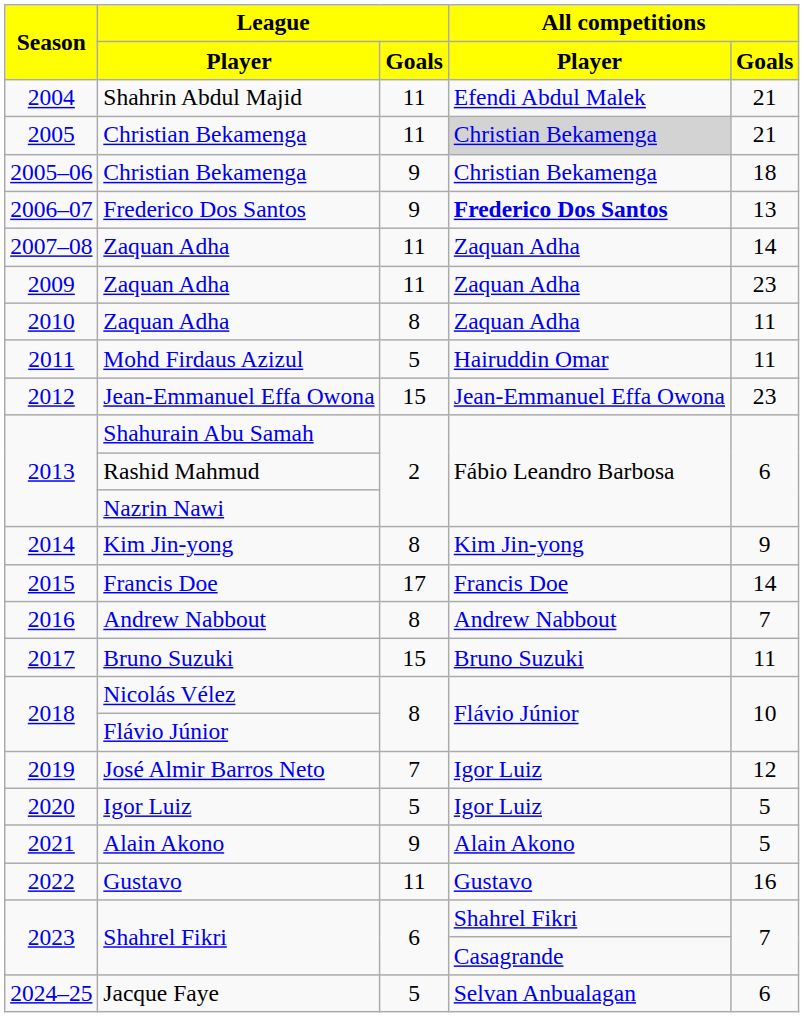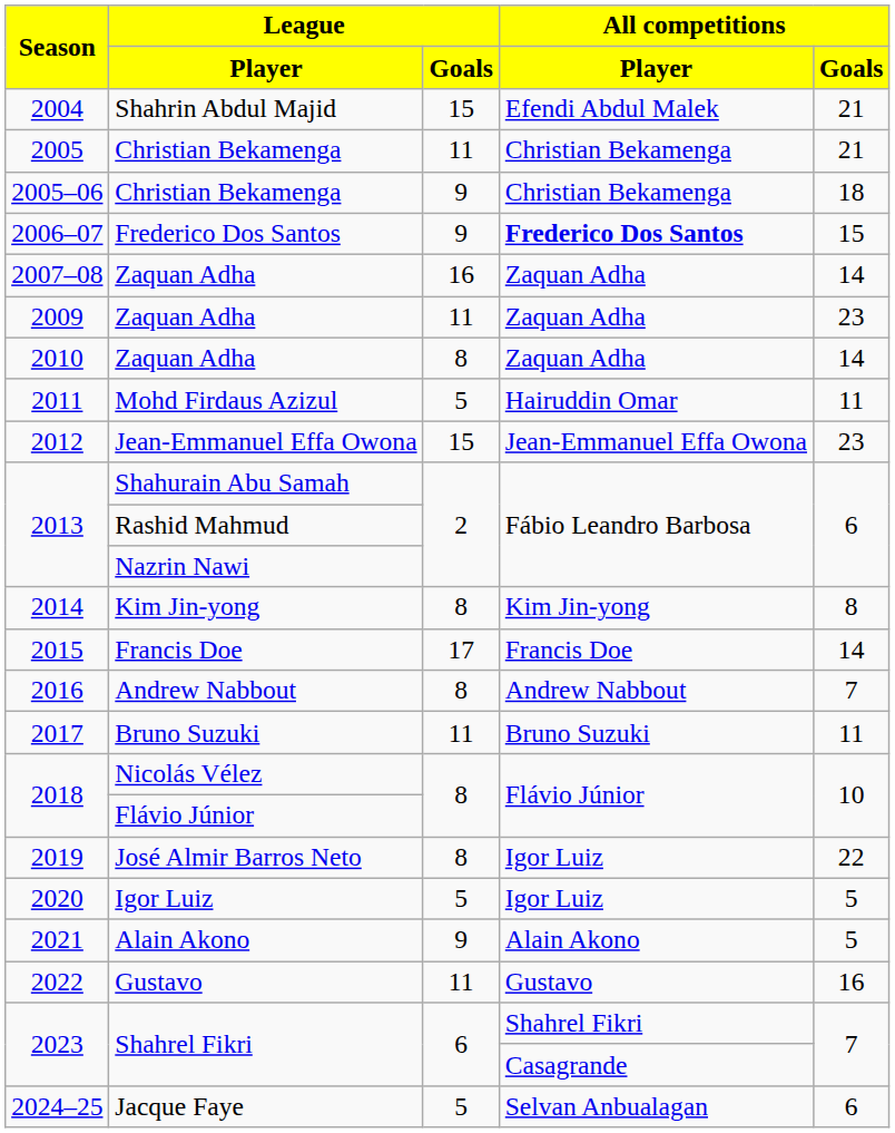 <table class="wikitable">
 <tr>
 <th rowspan="2" style="background:yellow; color:black; text-align:center;">Season</th>
 <th colspan="2" style="background:yellow; color:black; text-align:center;">League</th>
 <th colspan="2" style="background:yellow; color:black; text-align:center;">All competitions</th>
 </tr>
 <tr>
 <th style="background:yellow; color:black; text-align:center;">Player</th>
 <th style="background:yellow; color:black; text-align:center;">Goals</th>
 <th style="background:yellow; color:black; text-align:center;">Player</th>
 <th style="background:yellow; color:black; text-align:center;">Goals</th>
 </tr>
 <tr>
 <td rowspan="1" style="text-align:center;"><a href='#'>2004</a></td>
 <td> Shahrin Abdul Majid</td>
-<td align="center">11</td>
+<td align="center">15</td>
 <td> <a href='#'>Efendi Abdul Malek</a></td>
 <td align="center">21</td>
 </tr>
 <tr>
 <td rowspan="1" style="text-align:center;"><a href='#'>2005</a></td>
 <td> <a href='#'>Christian Bekamenga</a></td>
 <td align="center">11</td>
-<td style="background: lightgrey;"> <a href='#'>Christian Bekamenga</a></td>
+<td> <a href='#'>Christian Bekamenga</a></td>
 <td align="center">21</td>
 </tr>
 <tr>
 <td rowspan="1" style="text-align:center;"><a href='#'>2005–06</a></td>
 <td> <a href='#'>Christian Bekamenga</a></td>
 <td align="center">9</td>
 <td> <a href='#'>Christian Bekamenga</a></td>
 <td align="center">18</td>
 </tr>
 <tr>
 <td rowspan="1" style="text-align:center;"><a href='#'>2006–07</a></td>
 <td> <a href='#'>Frederico Dos Santos</a></td>
 <td align="center">9</td>
 <td><strong> <a href='#'>Frederico Dos Santos</a></strong></td>
-<td align="center">13</td>
+<td align="center">15</td>
 </tr>
 <tr>
 <td rowspan="1" style="text-align:center;"><a href='#'>2007–08</a></td>
 <td> <a href='#'>Zaquan Adha</a></td>
-<td align="center">11</td>
+<td align="center">16</td>
 <td> <a href='#'>Zaquan Adha</a></td>
 <td align="center">14</td>
 </tr>
 <tr>
 <td rowspan="1" style="text-align:center;"><a href='#'>2009</a></td>
 <td> <a href='#'>Zaquan Adha</a></td>
 <td align="center">11</td>
 <td> <a href='#'>Zaquan Adha</a></td>
 <td align="center">23</td>
 </tr>
 <tr>
 <td rowspan="1" style="text-align:center;"><a href='#'>2010</a></td>
 <td> <a href='#'>Zaquan Adha</a></td>
 <td align="center">8</td>
 <td> <a href='#'>Zaquan Adha</a></td>
-<td align="center">11</td>
+<td align="center">14</td>
 </tr>
 <tr>
 <td rowspan="1" style="text-align:center;"><a href='#'>2011</a></td>
 <td> <a href='#'>Mohd Firdaus Azizul</a></td>
 <td align="center">5</td>
 <td> <a href='#'>Hairuddin Omar</a></td>
 <td align="center">11</td>
 </tr>
 <tr>
 <td rowspan="1" style="text-align:center;"><a href='#'>2012</a></td>
 <td> <a href='#'>Jean-Emmanuel Effa Owona</a></td>
 <td align="center">15</td>
 <td> <a href='#'>Jean-Emmanuel Effa Owona</a></td>
 <td align="center">23</td>
 </tr>
 <tr>
 <td rowspan="3" style="text-align:center;"><a href='#'>2013</a></td>
 <td> <a href='#'>Shahurain Abu Samah</a></td>
 <td rowspan="3" align="center">2</td>
 <td rowspan="3"> Fábio Leandro Barbosa</td>
 <td rowspan="3" align="center">6</td>
 </tr>
 <tr>
 <td> Rashid Mahmud</td>
 </tr>
 <tr>
 <td> <a href='#'>Nazrin Nawi</a></td>
 </tr>
 <tr>
 <td rowspan="1" style="text-align:center;"><a href='#'>2014</a></td>
 <td> <a href='#'>Kim Jin-yong</a></td>
 <td align="center">8</td>
 <td> <a href='#'>Kim Jin-yong</a></td>
-<td align="center">9</td>
+<td align="center">8</td>
 </tr>
 <tr>
 <td rowspan="1" style="text-align:center;"><a href='#'>2015</a></td>
 <td> <a href='#'>Francis Doe</a></td>
 <td align="center">17</td>
 <td> <a href='#'>Francis Doe</a></td>
 <td align="center">14</td>
 </tr>
 <tr>
 <td rowspan="1" style="text-align:center;"><a href='#'>2016</a></td>
 <td> <a href='#'>Andrew Nabbout</a></td>
 <td align="center">8</td>
 <td> <a href='#'>Andrew Nabbout</a></td>
 <td align="center">7</td>
 </tr>
 <tr>
 <td rowspan="1" style="text-align:center;"><a href='#'>2017</a></td>
 <td> <a href='#'>Bruno Suzuki</a></td>
-<td align="center">15</td>
+<td align="center">11</td>
 <td> <a href='#'>Bruno Suzuki</a></td>
 <td align="center">11</td>
 </tr>
 <tr>
 <td rowspan="2" style="text-align:center;"><a href='#'>2018</a></td>
 <td> <a href='#'>Nicolás Vélez</a></td>
 <td rowspan="2" align="center">8</td>
 <td rowspan="2"> <a href='#'>Flávio Júnior</a></td>
 <td rowspan="2" align="center">10</td>
 </tr>
 <tr>
 <td> <a href='#'>Flávio Júnior</a></td>
 </tr>
 <tr>
 <td rowspan="1" style="text-align:center;"><a href='#'>2019</a></td>
 <td> <a href='#'>José Almir Barros Neto</a></td>
-<td align="center">7</td>
+<td align="center">8</td>
 <td> <a href='#'>Igor Luiz</a></td>
-<td align="center">12</td>
+<td align="center">22</td>
 </tr>
 <tr>
 <td rowspan="1" style="text-align:center;"><a href='#'>2020</a></td>
 <td> <a href='#'>Igor Luiz</a></td>
 <td align="center">5</td>
 <td> <a href='#'>Igor Luiz</a></td>
 <td align="center">5</td>
 </tr>
 <tr>
 <td rowspan="1" style="text-align:center;"><a href='#'>2021</a></td>
 <td> <a href='#'>Alain Akono</a></td>
 <td align="center">9</td>
 <td> <a href='#'>Alain Akono</a></td>
 <td align="center">5</td>
 </tr>
 <tr>
 <td rowspan="1" style="text-align:center;"><a href='#'>2022</a></td>
 <td> <a href='#'>Gustavo</a></td>
 <td align="center">11</td>
 <td> <a href='#'>Gustavo</a></td>
 <td align="center">16</td>
 </tr>
 <tr>
 <td rowspan="2" style="text-align:center"><a href='#'>2023</a></td>
 <td rowspan="2"> <a href='#'>Shahrel Fikri</a></td>
 <td rowspan="2" align="center">6</td>
 <td> <a href='#'>Shahrel Fikri</a></td>
 <td rowspan="2" align="center">7</td>
 </tr>
 <tr>
 <td> <a href='#'>Casagrande</a></td>
 </tr>
 <tr>
 <td rowspan="1" style="text-align:center"><a href='#'>2024–25</a></td>
 <td> Jacque Faye</td>
 <td align="center">5</td>
 <td> <a href='#'>Selvan Anbualagan</a></td>
 <td align="center">6</td>
 </tr>
 </table>
